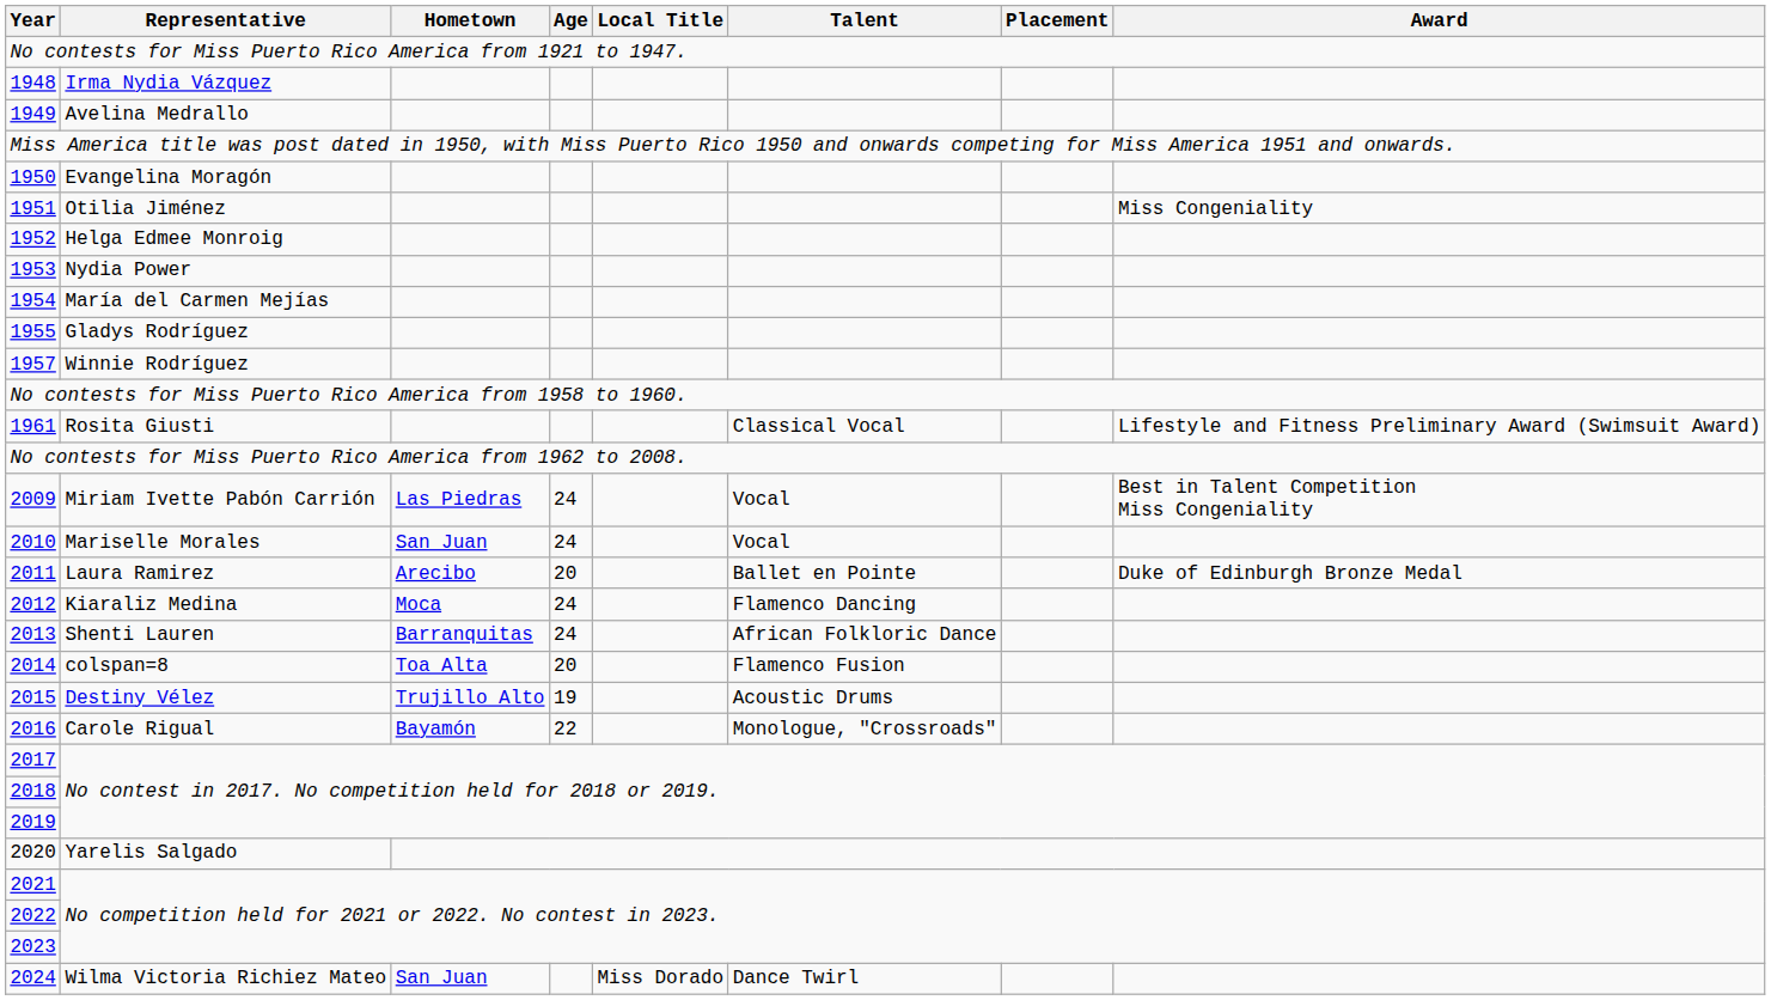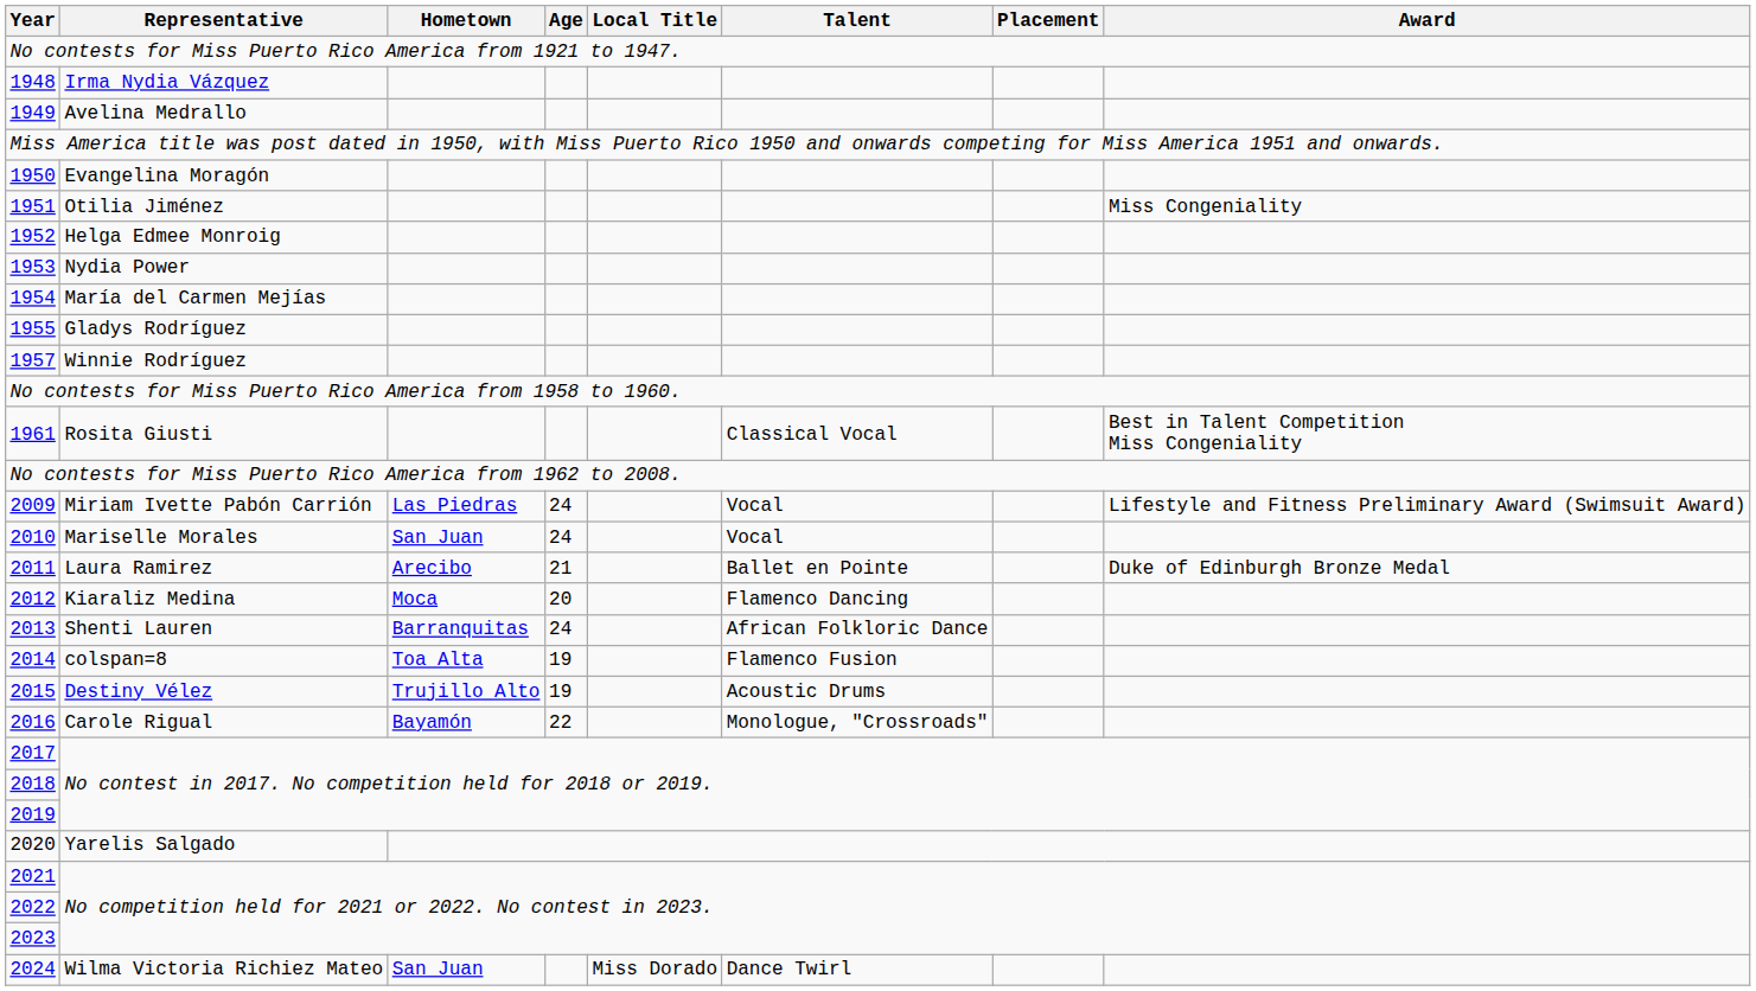 <table class="wikitable">
 <tr>
 <th>Year</th>
 <th>Representative</th>
 <th>Hometown</th>
 <th>Age</th>
 <th>Local Title</th>
 <th>Talent</th>
 <th>Placement</th>
 <th>Award</th>
 </tr>
 <tr>
 <td colspan=8><em>No contests for Miss Puerto Rico America from 1921 to 1947.</em></td>
 </tr>
 <tr>
 <td><a href='#'>1948</a></td>
 <td><a href='#'>Irma Nydia Vázquez</a></td>
 <td></td>
 <td></td>
 <td></td>
 <td></td>
 <td></td>
 <td></td>
 </tr>
 <tr>
 <td><a href='#'>1949</a></td>
 <td>Avelina Medrallo</td>
 <td></td>
 <td></td>
 <td></td>
 <td></td>
 <td></td>
 <td></td>
 </tr>
 <tr>
 <td colspan=8><em>Miss America title was post dated in 1950, with Miss Puerto Rico 1950 and onwards competing for Miss America 1951 and onwards.</em></td>
 </tr>
 <tr>
 <td><a href='#'>1950</a></td>
 <td>Evangelina Moragón</td>
 <td></td>
 <td></td>
 <td></td>
 <td></td>
 <td></td>
 <td></td>
 </tr>
 <tr>
 <td><a href='#'>1951</a></td>
 <td>Otilia Jiménez</td>
 <td></td>
 <td></td>
 <td></td>
 <td></td>
 <td></td>
 <td>Miss Congeniality</td>
 </tr>
 <tr>
 <td><a href='#'>1952</a></td>
 <td>Helga Edmee Monroig</td>
 <td></td>
 <td></td>
 <td></td>
 <td></td>
 <td></td>
 <td></td>
 </tr>
 <tr>
 <td><a href='#'>1953</a></td>
 <td>Nydia Power</td>
 <td></td>
 <td></td>
 <td></td>
 <td></td>
 <td></td>
 <td></td>
 </tr>
 <tr>
 <td><a href='#'>1954</a></td>
 <td>María del Carmen Mejías</td>
 <td></td>
 <td></td>
 <td></td>
 <td></td>
 <td></td>
 <td></td>
 </tr>
 <tr>
 <td><a href='#'>1955</a></td>
 <td>Gladys Rodríguez</td>
 <td></td>
 <td></td>
 <td></td>
 <td></td>
 <td></td>
 <td></td>
 </tr>
 <tr>
 <td><a href='#'>1957</a></td>
 <td>Winnie Rodríguez</td>
 <td></td>
 <td></td>
 <td></td>
 <td></td>
 <td></td>
 <td></td>
 </tr>
 <tr>
 <td colspan=8><em>No contests for Miss Puerto Rico America from 1958 to 1960.</em></td>
 </tr>
 <tr>
 <td><a href='#'>1961</a></td>
 <td>Rosita Giusti</td>
 <td></td>
 <td></td>
 <td></td>
 <td>Classical Vocal</td>
 <td></td>
-<td>Lifestyle and Fitness Preliminary Award (Swimsuit Award)</td>
+<td>Best in Talent Competition <br> Miss Congeniality</td>
 </tr>
 <tr>
 <td colspan=8><em>No contests for Miss Puerto Rico America from 1962 to 2008.</em></td>
 </tr>
 <tr>
 <td><a href='#'>2009</a></td>
 <td>Miriam Ivette Pabón Carrión</td>
 <td><a href='#'>Las Piedras</a></td>
 <td>24</td>
 <td></td>
 <td>Vocal</td>
 <td></td>
-<td>Best in Talent Competition <br> Miss Congeniality</td>
+<td>Lifestyle and Fitness Preliminary Award (Swimsuit Award)</td>
 </tr>
 <tr>
 <td><a href='#'>2010</a></td>
 <td>Mariselle Morales</td>
 <td><a href='#'>San Juan</a></td>
 <td>24</td>
 <td></td>
 <td>Vocal</td>
 <td></td>
 <td></td>
 </tr>
 <tr>
 <td><a href='#'>2011</a></td>
 <td>Laura Ramirez</td>
 <td><a href='#'>Arecibo</a></td>
-<td>20</td>
+<td>21</td>
 <td></td>
 <td>Ballet en Pointe</td>
 <td></td>
 <td>Duke of Edinburgh Bronze Medal</td>
 </tr>
 <tr>
 <td><a href='#'>2012</a></td>
 <td>Kiaraliz Medina</td>
 <td><a href='#'>Moca</a></td>
-<td>24</td>
+<td>20</td>
 <td></td>
 <td>Flamenco Dancing</td>
 <td></td>
 <td></td>
 </tr>
 <tr>
 <td><a href='#'>2013</a></td>
 <td>Shenti Lauren</td>
 <td><a href='#'>Barranquitas</a></td>
 <td>24</td>
 <td></td>
 <td>African Folkloric Dance</td>
 <td></td>
 <td></td>
 </tr>
 <tr>
 <td><a href='#'>2014</a></td>
 <td>colspan=8 </td>
 <td><a href='#'>Toa Alta</a></td>
-<td>20</td>
+<td>19</td>
 <td></td>
 <td>Flamenco Fusion</td>
 <td></td>
 <td></td>
 </tr>
 <tr>
 <td><a href='#'>2015</a></td>
 <td><a href='#'>Destiny Vélez</a></td>
 <td><a href='#'>Trujillo Alto</a></td>
 <td>19</td>
 <td></td>
 <td>Acoustic Drums</td>
 <td></td>
 <td></td>
 </tr>
 <tr>
 <td><a href='#'>2016</a></td>
 <td>Carole Rigual</td>
 <td><a href='#'>Bayamón</a></td>
 <td>22</td>
 <td></td>
 <td>Monologue, "Crossroads"</td>
 <td></td>
 <td></td>
 </tr>
 <tr>
 <td><a href='#'>2017</a></td>
 <td colspan="8" ! rowspan="3"><em>No contest in 2017. No competition held for 2018 or 2019.</em></td>
 </tr>
 <tr>
 <td><a href='#'>2018</a></td>
 </tr>
 <tr>
 <td><a href='#'>2019</a></td>
 </tr>
 <tr>
 <td>2020</td>
 <td>Yarelis Salgado</td>
 </tr>
 <tr>
 <td><a href='#'>2021</a></td>
 <td colspan="8" ! rowspan="3"><em>No competition held for 2021 or 2022. No contest in 2023.</em></td>
 </tr>
 <tr>
 <td><a href='#'>2022</a></td>
 </tr>
 <tr>
 <td><a href='#'>2023</a></td>
 </tr>
 <tr>
 <td><a href='#'>2024</a></td>
 <td>Wilma Victoria Richiez Mateo</td>
 <td><a href='#'>San Juan</a></td>
 <td></td>
 <td>Miss Dorado</td>
 <td>Dance Twirl</td>
 <td></td>
 <td></td>
 </tr>
 </table>
